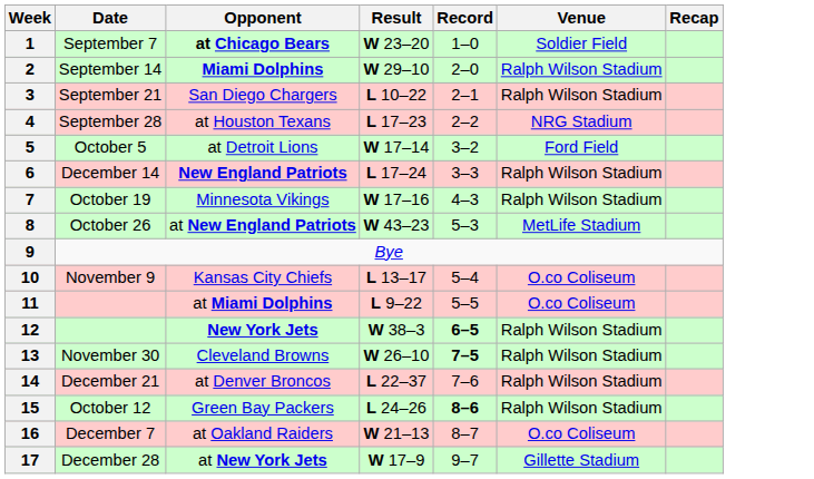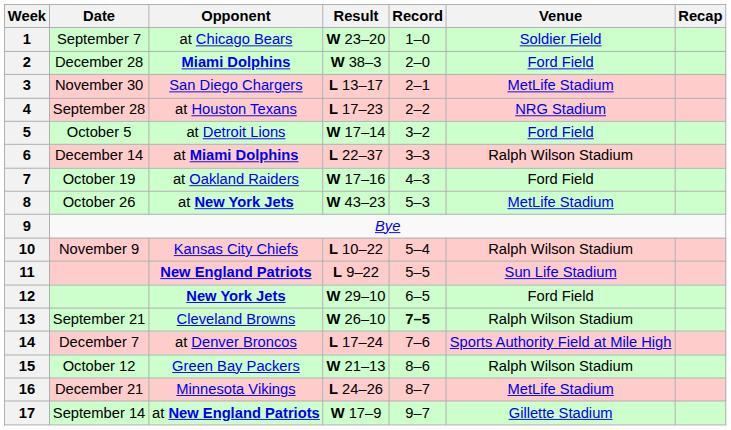 <table class="wikitable" style="text-align:center">
 <tr>
 <th>Week</th>
 <th>Date</th>
 <th>Opponent</th>
 <th>Result</th>
 <th>Record</th>
 <th>Venue</th>
 <th>Recap</th>
 </tr>
 <tr style="background:#cfc">
 <th>1</th>
 <td>September 7</td>
-<td><strong>at <a href='#'>Chicago Bears</a></strong></td>
+<td>at <a href='#'>Chicago Bears</a></td>
 <td><strong>W</strong> 23–20 </td>
 <td>1–0</td>
 <td><a href='#'>Soldier Field</a></td>
 <td></td>
 </tr>
 <tr style="background:#cfc">
 <th>2</th>
-<td>September 14</td>
+<td>December 28</td>
 <td><strong><a href='#'>Miami Dolphins</a></strong></td>
-<td><strong>W</strong> 29–10</td>
+<td><strong>W</strong> 38–3</td>
 <td>2–0</td>
-<td><a href='#'>Ralph Wilson Stadium</a></td>
+<td><a href='#'>Ford Field</a></td>
 <td></td>
 </tr>
 <tr style="background:#fcc">
 <th>3</th>
-<td>September 21</td>
+<td>November 30</td>
 <td><a href='#'>San Diego Chargers</a></td>
-<td><strong>L</strong> 10–22</td>
+<td><strong>L</strong> 13–17</td>
 <td>2–1</td>
-<td>Ralph Wilson Stadium</td>
+<td><a href='#'>MetLife Stadium</a></td>
 <td></td>
 </tr>
 <tr style="background:#fcc">
 <th>4</th>
 <td>September 28</td>
 <td>at <a href='#'>Houston Texans</a></td>
 <td><strong>L</strong> 17–23</td>
 <td>2–2</td>
 <td><a href='#'>NRG Stadium</a></td>
 <td></td>
 </tr>
 <tr style="background:#cfc">
 <th>5</th>
 <td>October 5</td>
 <td>at <a href='#'>Detroit Lions</a></td>
 <td><strong>W</strong> 17–14</td>
 <td>3–2</td>
 <td><a href='#'>Ford Field</a></td>
 <td></td>
 </tr>
 <tr style="background:#fcc">
 <th>6</th>
 <td>December 14</td>
-<td><strong><a href='#'>New England Patriots</a></strong></td>
-<td><strong>L</strong> 17–24</td>
+<td>at <strong><a href='#'>Miami Dolphins</a></strong></td>
+<td><strong>L</strong> 22–37</td>
 <td>3–3</td>
 <td>Ralph Wilson Stadium</td>
 <td></td>
 </tr>
 <tr style="background:#cfc">
 <th>7</th>
 <td>October 19</td>
-<td><a href='#'>Minnesota Vikings</a></td>
+<td>at <a href='#'>Oakland Raiders</a></td>
 <td><strong>W</strong> 17–16</td>
 <td>4–3</td>
-<td>Ralph Wilson Stadium</td>
+<td>Ford Field</td>
 <td></td>
 </tr>
 <tr style="background:#cfc">
 <th>8</th>
 <td>October 26</td>
-<td>at <strong><a href='#'>New England Patriots</a></strong></td>
+<td>at <strong><a href='#'>New York Jets</a></strong></td>
 <td><strong>W</strong> 43–23</td>
 <td>5–3</td>
 <td><a href='#'>MetLife Stadium</a></td>
 <td></td>
 </tr>
 <tr>
 <th>9</th>
 <td colspan="6"><em><a href='#'>Bye</a></em></td>
 </tr>
 <tr style="background:#fcc">
 <th>10</th>
 <td>November 9</td>
 <td><a href='#'>Kansas City Chiefs</a></td>
-<td><strong>L</strong> 13–17</td>
+<td><strong>L</strong> 10–22</td>
 <td>5–4</td>
-<td><a href='#'>O.co Coliseum</a></td>
+<td>Ralph Wilson Stadium</td>
 <td></td>
 </tr>
 <tr style="background:#fcc">
 <th>11</th>
 <td></td>
-<td>at <strong><a href='#'>Miami Dolphins</a></strong></td>
+<td><strong><a href='#'>New England Patriots</a></strong></td>
 <td><strong>L</strong> 9–22</td>
 <td>5–5</td>
-<td><a href='#'>O.co Coliseum</a></td>
+<td><a href='#'>Sun Life Stadium</a></td>
 <td></td>
 </tr>
 <tr style="background:#cfc">
 <th>12</th>
 <td></td>
 <td><strong><a href='#'>New York Jets</a></strong></td>
-<td><strong>W</strong> 38–3</td>
-<td><strong>6–5</strong></td>
-<td>Ralph Wilson Stadium</td>
+<td><strong>W</strong> 29–10</td>
+<td>6–5</td>
+<td>Ford Field</td>
 <td></td>
 </tr>
 <tr style="background:#cfc">
 <th>13</th>
-<td>November 30</td>
+<td>September 21</td>
 <td><a href='#'>Cleveland Browns</a></td>
 <td><strong>W</strong> 26–10</td>
 <td><strong>7–5</strong></td>
 <td>Ralph Wilson Stadium</td>
 <td></td>
 </tr>
 <tr style="background:#fcc">
 <th>14</th>
-<td>December 21</td>
+<td>December 7</td>
 <td>at <a href='#'>Denver Broncos</a></td>
-<td><strong>L</strong> 22–37</td>
+<td><strong>L</strong> 17–24</td>
 <td>7–6</td>
-<td>Ralph Wilson Stadium</td>
+<td><a href='#'>Sports Authority Field at Mile High</a></td>
 <td></td>
 </tr>
 <tr style="background:#cfc">
 <th>15</th>
 <td>October 12</td>
 <td><a href='#'>Green Bay Packers</a></td>
-<td><strong>L</strong> 24–26</td>
-<td><strong>8–6</strong></td>
+<td><strong>W</strong> 21–13</td>
+<td>8–6</td>
 <td>Ralph Wilson Stadium</td>
 <td></td>
 </tr>
 <tr style="background:#fcc">
 <th>16</th>
-<td>December 7</td>
-<td>at <a href='#'>Oakland Raiders</a></td>
-<td><strong>W</strong> 21–13</td>
+<td>December 21</td>
+<td><a href='#'>Minnesota Vikings</a></td>
+<td><strong>L</strong> 24–26</td>
 <td>8–7</td>
-<td><a href='#'>O.co Coliseum</a></td>
+<td><a href='#'>MetLife Stadium</a></td>
 <td></td>
 </tr>
 <tr style="background:#cfc">
 <th>17</th>
-<td>December 28</td>
-<td>at <strong><a href='#'>New York Jets</a></strong></td>
+<td>September 14</td>
+<td>at <strong><a href='#'>New England Patriots</a></strong></td>
 <td><strong>W</strong> 17–9</td>
 <td>9–7</td>
 <td><a href='#'>Gillette Stadium</a></td>
 <td></td>
 </tr>
 </table>
